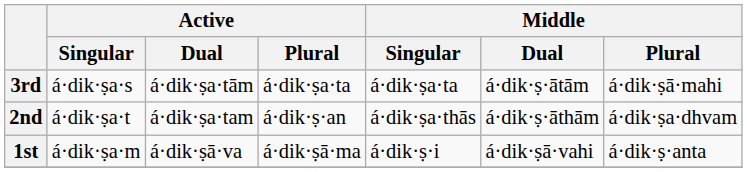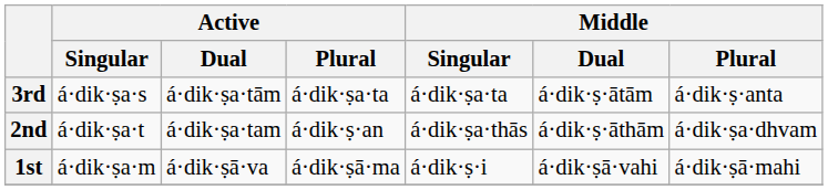 <table class="wikitable" border="1">
 <tr>
 <th rowspan="2"></th>
 <th colspan="3">Active</th>
 <th colspan="3">Middle</th>
 </tr>
 <tr>
 <th>Singular</th>
 <th>Dual</th>
 <th>Plural</th>
 <th>Singular</th>
 <th>Dual</th>
 <th>Plural</th>
 </tr>
 <tr>
 <th>3rd</th>
 <td>á·dik·ṣa·s</td>
 <td>á·dik·ṣa·tām</td>
 <td>á·dik·ṣa·ta</td>
 <td>á·dik·ṣa·ta</td>
 <td>á·dik·ṣ·ātām</td>
-<td>á·dik·ṣā·mahi</td>
+<td>á·dik·ṣ·anta</td>
 </tr>
 <tr>
 <th>2nd</th>
 <td>á·dik·ṣa·t</td>
 <td>á·dik·ṣa·tam</td>
 <td>á·dik·ṣ·an</td>
 <td>á·dik·ṣa·thās</td>
 <td>á·dik·ṣ·āthām</td>
 <td>á·dik·ṣa·dhvam</td>
 </tr>
 <tr>
 <th>1st</th>
 <td>á·dik·ṣa·m</td>
 <td>á·dik·ṣā·va</td>
 <td>á·dik·ṣā·ma</td>
 <td>á·dik·ṣ·i</td>
 <td>á·dik·ṣā·vahi</td>
-<td>á·dik·ṣ·anta</td>
+<td>á·dik·ṣā·mahi</td>
 </tr>
 <tr>
 </tr>
 </table>
